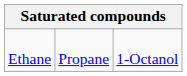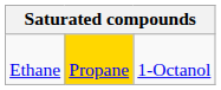 <table class="wikitable floatleft" style="text-align:center">
 <tr>
 <th colspan="3">Saturated compounds</th>
 </tr>
 <tr>
 <td><br><a href='#'>Ethane</a></td>
-<td><br><a href='#'>Propane</a></td>
+<td style="background: gold;"><br><a href='#'>Propane</a></td>
 <td><br><a href='#'>1-Octanol</a></td>
 </tr>
 </table>
